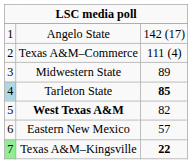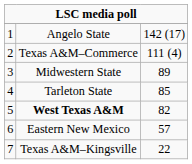 <table class="wikitable" style="display: inline-table;">
 <tr>
 <td align="center" Colspan="3"><strong>LSC media poll</strong></td>
 </tr>
 <tr align="center">
 </tr>
 <tr align="center">
 <td>1</td>
 <td>Angelo State</td>
 <td>142 (17)</td>
 </tr>
 <tr align="center">
 <td>2</td>
 <td>Texas A&M–Commerce</td>
 <td>111 (4)</td>
 </tr>
 <tr align="center">
 <td>3</td>
 <td>Midwestern State</td>
 <td>89</td>
 </tr>
 <tr align="center">
-<td style="background: lightblue;">4</td>
+<td>4</td>
 <td>Tarleton State</td>
-<td><strong>85</strong></td>
+<td>85</td>
 </tr>
 <tr align="center">
 <td>5</td>
 <td><strong>West Texas A&M</strong></td>
 <td>82</td>
 </tr>
 <tr align="center">
 <td>6</td>
 <td>Eastern New Mexico</td>
 <td>57</td>
 </tr>
 <tr align="center">
-<td style="background: lightgreen;">7</td>
+<td>7</td>
 <td>Texas A&M–Kingsville</td>
-<td><strong>22</strong></td>
+<td>22</td>
 </tr>
 </table>
